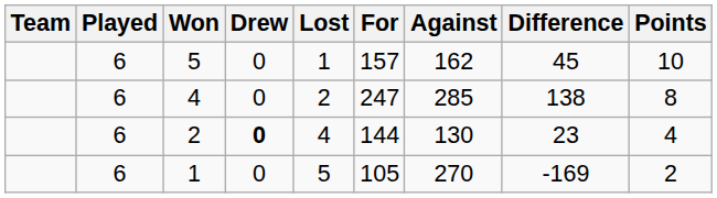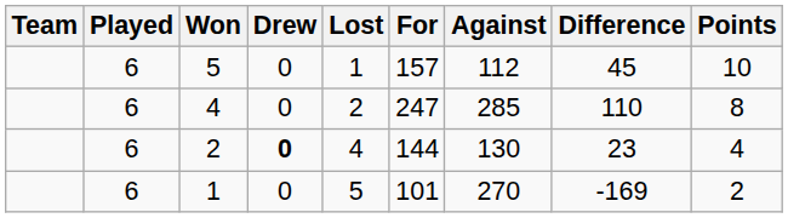 <table class="wikitable" style="text-align:center">
 <tr>
 <th>Team</th>
 <th>Played</th>
 <th>Won</th>
 <th>Drew</th>
 <th>Lost</th>
 <th>For</th>
 <th>Against</th>
 <th>Difference</th>
 <th>Points</th>
 </tr>
 <tr>
 <td align=left></td>
 <td>6</td>
 <td>5</td>
 <td>0</td>
 <td>1</td>
 <td>157</td>
-<td>162</td>
+<td>112</td>
 <td>45</td>
 <td>10</td>
 </tr>
 <tr>
 <td align=left></td>
 <td>6</td>
 <td>4</td>
 <td>0</td>
 <td>2</td>
 <td>247</td>
 <td>285</td>
-<td>138</td>
+<td>110</td>
 <td>8</td>
 </tr>
 <tr>
 <td align=left></td>
 <td>6</td>
 <td>2</td>
 <td><strong>0</strong></td>
 <td>4</td>
 <td>144</td>
 <td>130</td>
 <td>23</td>
 <td>4</td>
 </tr>
 <tr>
 <td align=left></td>
 <td>6</td>
 <td>1</td>
 <td>0</td>
 <td>5</td>
-<td>105</td>
+<td>101</td>
 <td>270</td>
 <td>-169</td>
 <td>2</td>
 </tr>
 </table>
